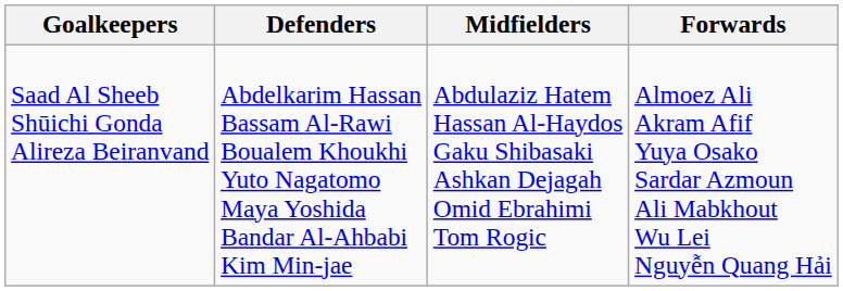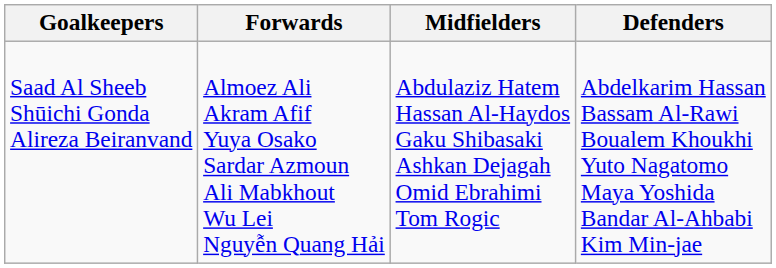 <table class="wikitable">
 <tr>
 <th>Goalkeepers</th>
+<th>Forwards</th>
+<th>Midfielders</th>
 <th>Defenders</th>
-<th>Midfielders</th>
-<th>Forwards</th>
 </tr>
 <tr>
 <td valign=top><br> <a href='#'>Saad Al Sheeb</a><br>  <a href='#'>Shūichi Gonda</a><br>  <a href='#'>Alireza Beiranvand</a></td>
+<td valign=top><br> <a href='#'>Almoez Ali</a><br>  <a href='#'>Akram Afif</a><br>  <a href='#'>Yuya Osako</a><br>  <a href='#'>Sardar Azmoun</a><br>  <a href='#'>Ali Mabkhout</a><br>  <a href='#'>Wu Lei</a><br>  <a href='#'>Nguyễn Quang Hải</a></td>
+<td valign=top><br> <a href='#'>Abdulaziz Hatem</a><br>  <a href='#'>Hassan Al-Haydos</a><br>  <a href='#'>Gaku Shibasaki</a><br>  <a href='#'>Ashkan Dejagah</a><br>  <a href='#'>Omid Ebrahimi</a><br>  <a href='#'>Tom Rogic</a></td>
 <td valign=top><br> <a href='#'>Abdelkarim Hassan</a><br>  <a href='#'>Bassam Al-Rawi</a><br>  <a href='#'>Boualem Khoukhi</a><br>  <a href='#'>Yuto Nagatomo</a><br>  <a href='#'>Maya Yoshida</a><br>  <a href='#'>Bandar Al-Ahbabi</a><br>  <a href='#'>Kim Min-jae</a></td>
-<td valign=top><br> <a href='#'>Abdulaziz Hatem</a><br>  <a href='#'>Hassan Al-Haydos</a><br>  <a href='#'>Gaku Shibasaki</a><br>  <a href='#'>Ashkan Dejagah</a><br>  <a href='#'>Omid Ebrahimi</a><br>  <a href='#'>Tom Rogic</a></td>
-<td valign=top><br> <a href='#'>Almoez Ali</a><br>  <a href='#'>Akram Afif</a><br>  <a href='#'>Yuya Osako</a><br>  <a href='#'>Sardar Azmoun</a><br>  <a href='#'>Ali Mabkhout</a><br>  <a href='#'>Wu Lei</a><br>  <a href='#'>Nguyễn Quang Hải</a></td>
 </tr>
 </table>
